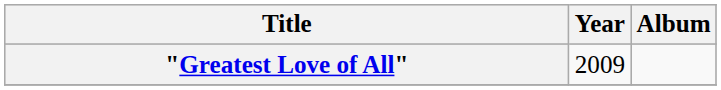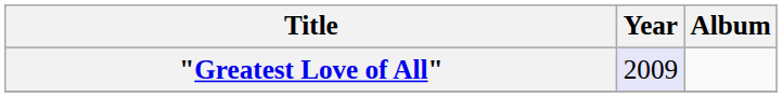 <table class="wikitable plainrowheaders" style="text-align:center;" border="1">
 <tr>
 <th scope="col" style="width:22em;">Title</th>
 <th scope="col">Year</th>
 <th scope="col">Album</th>
 </tr>
 <tr>
 <th scope="row">"<a href='#'>Greatest Love of All</a>"<br></th>
-<td>2009</td>
+<td style="background: lavender;">2009</td>
 <td></td>
 </tr>
 <tr>
 </tr>
 </table>
